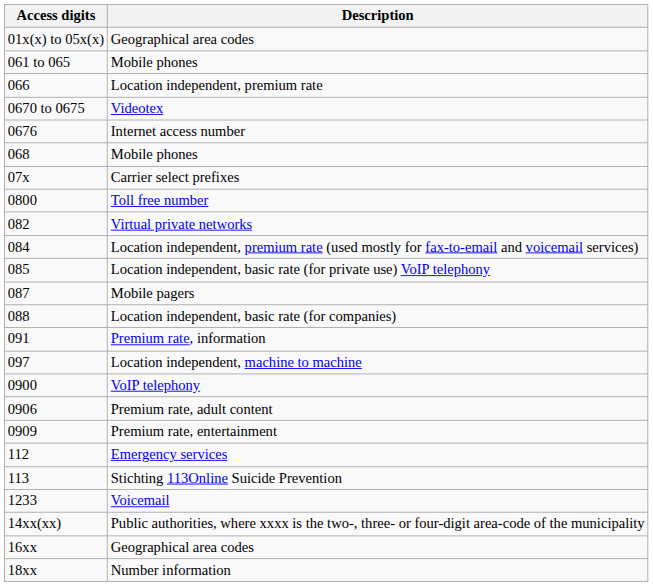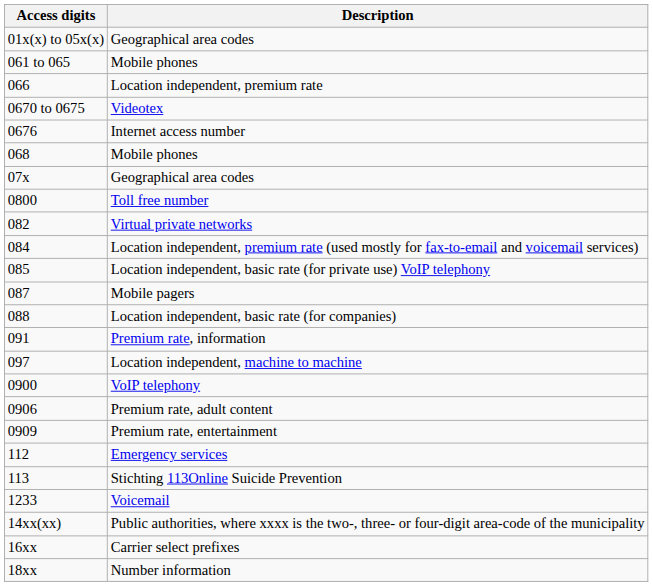 <table class="wikitable">
 <tr>
 <th scope="col">Access digits</th>
 <th scope="col">Description</th>
 </tr>
 <tr>
 <td scope="row">01x(x) to 05x(x)</td>
 <td>Geographical area codes</td>
 </tr>
 <tr>
 <td scope="row">061 to 065</td>
 <td>Mobile phones</td>
 </tr>
 <tr>
 <td scope="row">066</td>
 <td>Location independent, premium rate</td>
 </tr>
 <tr>
 <td scope="row">0670 to 0675</td>
 <td><a href='#'>Videotex</a></td>
 </tr>
 <tr>
 <td scope="row">0676</td>
 <td>Internet access number</td>
 </tr>
 <tr>
 <td scope="row">068</td>
 <td>Mobile phones</td>
 </tr>
 <tr>
 <td scope="row">07x</td>
-<td>Carrier select prefixes</td>
+<td>Geographical area codes</td>
 </tr>
 <tr>
 <td scope="row">0800</td>
 <td><a href='#'>Toll free number</a></td>
 </tr>
 <tr>
 <td scope="row">082</td>
 <td><a href='#'>Virtual private networks</a></td>
 </tr>
 <tr>
 <td scope="row">084</td>
 <td>Location independent, <a href='#'>premium rate</a> (used mostly for <a href='#'>fax-to-email</a> and <a href='#'>voicemail</a> services)</td>
 </tr>
 <tr>
 <td scope="row">085</td>
 <td>Location independent, basic rate (for private use) <a href='#'>VoIP telephony</a></td>
 </tr>
 <tr>
 <td scope="row">087</td>
 <td>Mobile pagers</td>
 </tr>
 <tr>
 <td scope="row">088</td>
 <td>Location independent, basic rate (for companies)</td>
 </tr>
 <tr>
 <td scope="row">091</td>
 <td><a href='#'>Premium rate</a>, information</td>
 </tr>
 <tr>
 <td scope="row">097</td>
 <td>Location independent, <a href='#'>machine to machine</a></td>
 </tr>
 <tr>
 <td scope="row">0900</td>
 <td><a href='#'>VoIP telephony</a></td>
 </tr>
 <tr>
 <td scope="row">0906</td>
 <td>Premium rate, adult content</td>
 </tr>
 <tr>
 <td scope="row">0909</td>
 <td>Premium rate, entertainment</td>
 </tr>
 <tr>
 <td scope="row">112</td>
 <td><a href='#'>Emergency services</a></td>
 </tr>
 <tr>
 <td scope="row">113</td>
 <td>Stichting <a href='#'>113Online</a> Suicide Prevention</td>
 </tr>
 <tr>
 <td scope="row">1233</td>
 <td><a href='#'>Voicemail</a></td>
 </tr>
 <tr>
 <td scope="row">14xx(xx)</td>
 <td>Public authorities, where xxxx is the two-, three- or four-digit area-code of the municipality</td>
 </tr>
 <tr>
 <td scope="row">16xx</td>
-<td>Geographical area codes</td>
+<td>Carrier select prefixes</td>
 </tr>
 <tr>
 <td scope="row">18xx</td>
 <td>Number information</td>
 </tr>
 </table>
